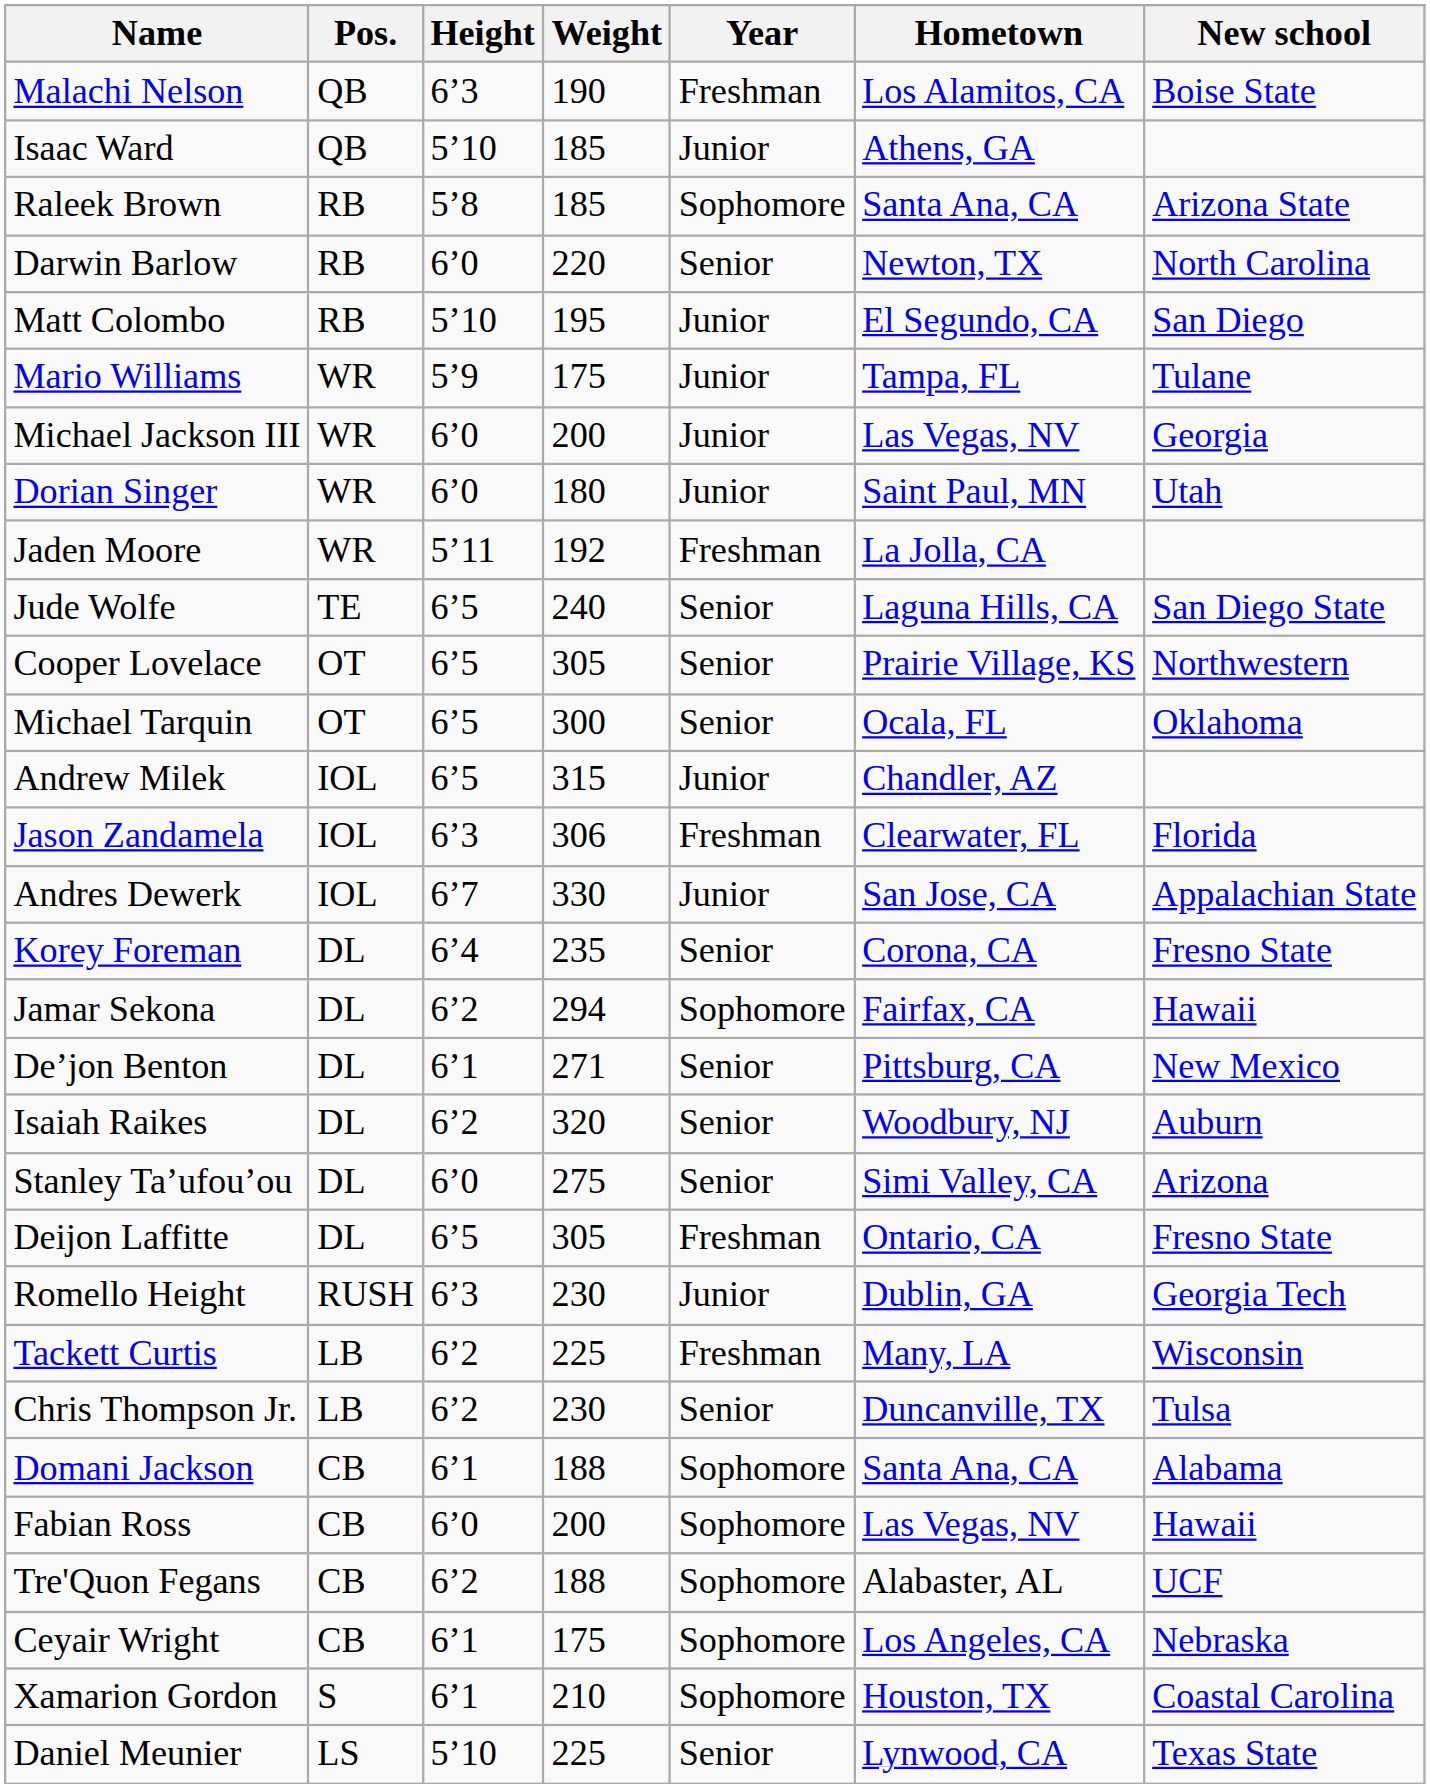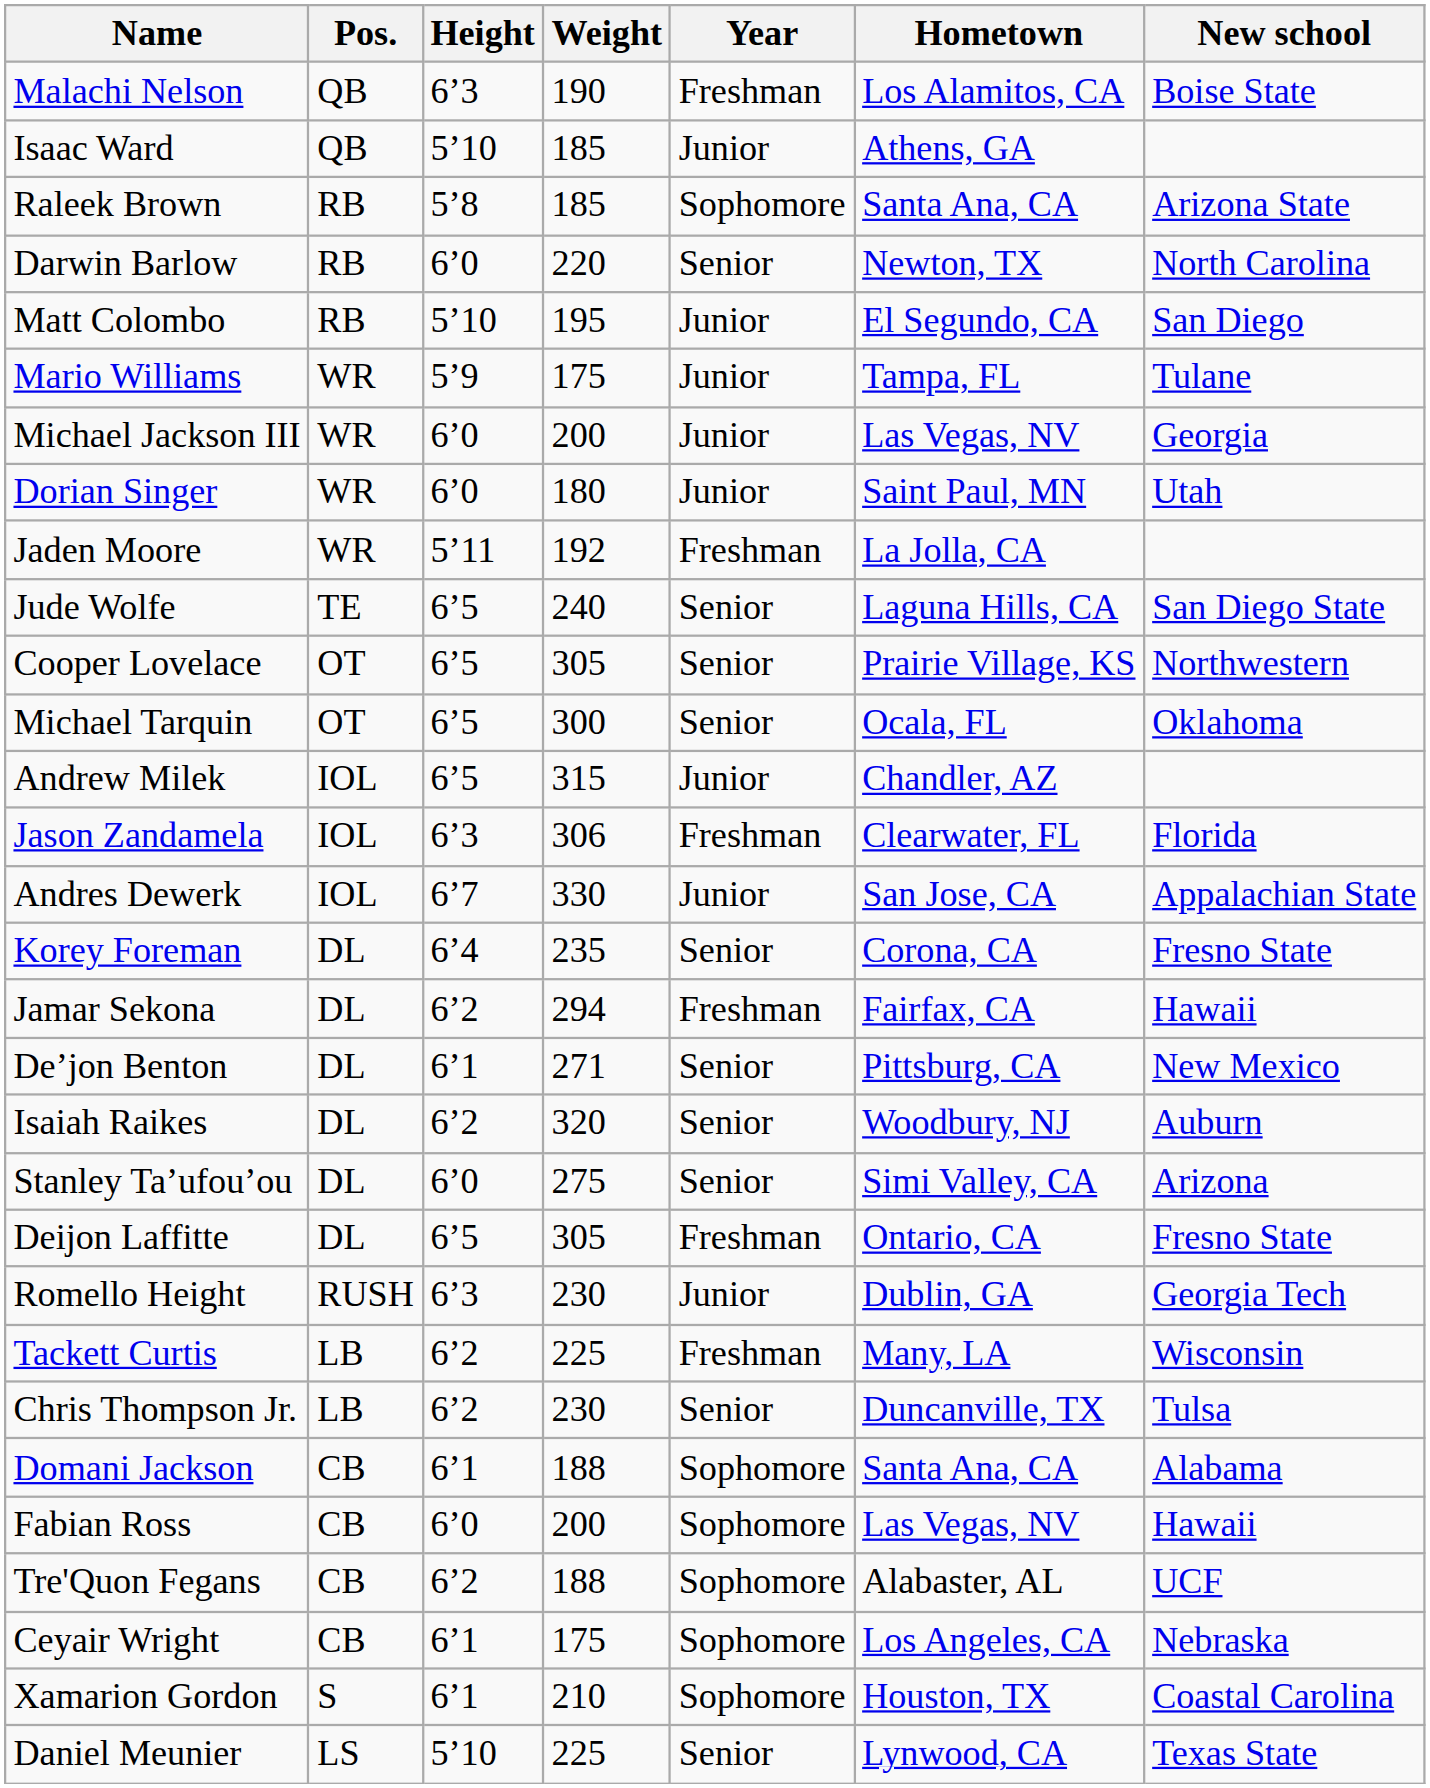 <table class="wikitable sortable">
 <tr>
 <th style="text-align:center; ">Name</th>
 <th style="text-align:center; ">Pos.</th>
 <th style="text-align:center; ">Height</th>
 <th style="text-align:center; ">Weight</th>
 <th style="text-align:center; ">Year</th>
 <th style="text-align:center; ">Hometown</th>
 <th style="text-align:center; ">New school</th>
 </tr>
 <tr>
 <td><a href='#'>Malachi Nelson</a></td>
 <td>QB</td>
 <td>6’3</td>
 <td>190</td>
 <td>Freshman</td>
 <td><a href='#'>Los Alamitos, CA</a></td>
 <td><a href='#'>Boise State</a></td>
 </tr>
 <tr>
 <td>Isaac Ward</td>
 <td>QB</td>
 <td>5’10</td>
 <td>185</td>
 <td> Junior</td>
 <td><a href='#'>Athens, GA</a></td>
 <td></td>
 </tr>
 <tr>
 <td>Raleek Brown</td>
 <td>RB</td>
 <td>5’8</td>
 <td>185</td>
 <td>Sophomore</td>
 <td><a href='#'>Santa Ana, CA</a></td>
 <td><a href='#'>Arizona State</a></td>
 </tr>
 <tr>
 <td>Darwin Barlow</td>
 <td>RB</td>
 <td>6’0</td>
 <td>220</td>
 <td> Senior</td>
 <td><a href='#'>Newton, TX</a></td>
 <td><a href='#'>North Carolina</a></td>
 </tr>
 <tr>
 <td>Matt Colombo</td>
 <td>RB</td>
 <td>5’10</td>
 <td>195</td>
 <td> Junior</td>
 <td><a href='#'>El Segundo, CA</a></td>
 <td><a href='#'>San Diego</a></td>
 </tr>
 <tr>
 <td><a href='#'>Mario Williams</a></td>
 <td>WR</td>
 <td>5’9</td>
 <td>175</td>
 <td>Junior</td>
 <td><a href='#'>Tampa, FL</a></td>
 <td><a href='#'>Tulane</a></td>
 </tr>
 <tr>
 <td>Michael Jackson III</td>
 <td>WR</td>
 <td>6’0</td>
 <td>200</td>
 <td>Junior</td>
 <td><a href='#'>Las Vegas, NV</a></td>
 <td><a href='#'>Georgia</a></td>
 </tr>
 <tr>
 <td><a href='#'>Dorian Singer</a></td>
 <td>WR</td>
 <td>6’0</td>
 <td>180</td>
 <td>Junior</td>
 <td><a href='#'>Saint Paul, MN</a></td>
 <td><a href='#'>Utah</a></td>
 </tr>
 <tr>
 <td>Jaden Moore</td>
 <td>WR</td>
 <td>5’11</td>
 <td>192</td>
 <td>Freshman</td>
 <td><a href='#'>La Jolla, CA</a></td>
 <td></td>
 </tr>
 <tr>
 <td>Jude Wolfe</td>
 <td>TE</td>
 <td>6’5</td>
 <td>240</td>
 <td> Senior</td>
 <td><a href='#'>Laguna Hills, CA</a></td>
 <td><a href='#'>San Diego State</a></td>
 </tr>
 <tr>
 <td>Cooper Lovelace</td>
 <td>OT</td>
 <td>6’5</td>
 <td>305</td>
 <td> Senior</td>
 <td><a href='#'>Prairie Village, KS</a></td>
 <td><a href='#'>Northwestern</a></td>
 </tr>
 <tr>
 <td>Michael Tarquin</td>
 <td>OT</td>
 <td>6’5</td>
 <td>300</td>
 <td> Senior</td>
 <td><a href='#'>Ocala, FL</a></td>
 <td><a href='#'>Oklahoma</a></td>
 </tr>
 <tr>
 <td>Andrew Milek</td>
 <td>IOL</td>
 <td>6’5</td>
 <td>315</td>
 <td> Junior</td>
 <td><a href='#'>Chandler, AZ</a></td>
 <td></td>
 </tr>
 <tr>
 <td><a href='#'>Jason Zandamela</a></td>
 <td>IOL</td>
 <td>6’3</td>
 <td>306</td>
 <td>Freshman</td>
 <td><a href='#'>Clearwater, FL</a></td>
 <td><a href='#'>Florida</a></td>
 </tr>
 <tr>
 <td>Andres Dewerk</td>
 <td>IOL</td>
 <td>6’7</td>
 <td>330</td>
 <td> Junior</td>
 <td><a href='#'>San Jose, CA</a></td>
 <td><a href='#'>Appalachian State</a></td>
 </tr>
 <tr>
 <td><a href='#'>Korey Foreman</a></td>
 <td>DL</td>
 <td>6’4</td>
 <td>235</td>
 <td> Senior</td>
 <td><a href='#'>Corona, CA</a></td>
 <td><a href='#'>Fresno State</a></td>
 </tr>
 <tr>
 <td>Jamar Sekona</td>
 <td>DL</td>
 <td>6’2</td>
 <td>294</td>
-<td> Sophomore</td>
+<td>Freshman</td>
 <td><a href='#'>Fairfax, CA</a></td>
 <td><a href='#'>Hawaii</a></td>
 </tr>
 <tr>
 <td>De’jon Benton</td>
 <td>DL</td>
 <td>6’1</td>
 <td>271</td>
 <td> Senior</td>
 <td><a href='#'>Pittsburg, CA</a></td>
 <td><a href='#'>New Mexico</a></td>
 </tr>
 <tr>
 <td>Isaiah Raikes</td>
 <td>DL</td>
 <td>6’2</td>
 <td>320</td>
 <td> Senior</td>
 <td><a href='#'>Woodbury, NJ</a></td>
 <td><a href='#'>Auburn</a></td>
 </tr>
 <tr>
 <td>Stanley Ta’ufou’ou</td>
 <td>DL</td>
 <td>6’0</td>
 <td>275</td>
 <td> Senior</td>
 <td><a href='#'>Simi Valley, CA</a></td>
 <td><a href='#'>Arizona</a></td>
 </tr>
 <tr>
 <td>Deijon Laffitte</td>
 <td>DL</td>
 <td>6’5</td>
 <td>305</td>
 <td> Freshman</td>
 <td><a href='#'>Ontario, CA</a></td>
 <td><a href='#'>Fresno State</a></td>
 </tr>
 <tr>
 <td>Romello Height</td>
 <td>RUSH</td>
 <td>6’3</td>
 <td>230</td>
 <td> Junior</td>
 <td><a href='#'>Dublin, GA</a></td>
 <td><a href='#'>Georgia Tech</a></td>
 </tr>
 <tr>
 <td><a href='#'>Tackett Curtis</a></td>
 <td>LB</td>
 <td>6’2</td>
 <td>225</td>
 <td>Freshman</td>
 <td><a href='#'>Many, LA</a></td>
 <td><a href='#'>Wisconsin</a></td>
 </tr>
 <tr>
 <td>Chris Thompson Jr.</td>
 <td>LB</td>
 <td>6’2</td>
 <td>230</td>
 <td>Senior</td>
 <td><a href='#'>Duncanville, TX</a></td>
 <td><a href='#'>Tulsa</a></td>
 </tr>
 <tr>
 <td><a href='#'>Domani Jackson</a></td>
 <td>CB</td>
 <td>6’1</td>
 <td>188</td>
 <td>Sophomore</td>
 <td><a href='#'>Santa Ana, CA</a></td>
 <td><a href='#'>Alabama</a></td>
 </tr>
 <tr>
 <td>Fabian Ross</td>
 <td>CB</td>
 <td>6’0</td>
 <td>200</td>
 <td>Sophomore</td>
 <td><a href='#'>Las Vegas, NV</a></td>
 <td><a href='#'>Hawaii</a></td>
 </tr>
 <tr>
 <td>Tre'Quon Fegans</td>
 <td>CB</td>
 <td>6’2</td>
 <td>188</td>
 <td> Sophomore</td>
 <td>Alabaster, AL</td>
 <td><a href='#'>UCF</a></td>
 </tr>
 <tr>
 <td>Ceyair Wright</td>
 <td>CB</td>
 <td>6’1</td>
 <td>175</td>
 <td> Sophomore</td>
 <td><a href='#'>Los Angeles, CA</a></td>
 <td><a href='#'>Nebraska</a></td>
 </tr>
 <tr>
 <td>Xamarion Gordon</td>
 <td>S</td>
 <td>6’1</td>
 <td>210</td>
 <td> Sophomore</td>
 <td><a href='#'>Houston, TX</a></td>
 <td><a href='#'>Coastal Carolina</a></td>
 </tr>
 <tr>
 <td>Daniel Meunier</td>
 <td>LS</td>
 <td>5’10</td>
 <td>225</td>
 <td> Senior</td>
 <td><a href='#'>Lynwood, CA</a></td>
 <td><a href='#'>Texas State</a></td>
 </tr>
 </table>
